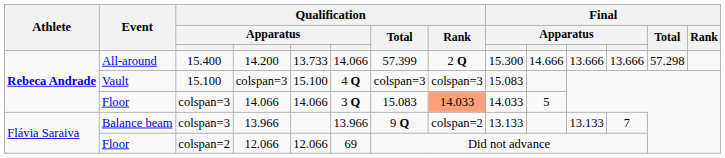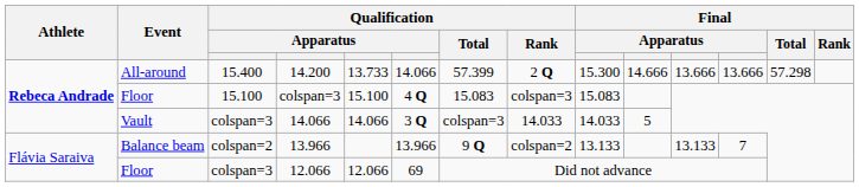 <table class="wikitable" style="font-size:90%">
 <tr>
 <th rowspan=3>Athlete</th>
 <th rowspan=3>Event</th>
 <th colspan=6>Qualification</th>
 <th colspan=6>Final</th>
 </tr>
 <tr style="font-size:95%">
 <th colspan=4>Apparatus</th>
 <th rowspan=2>Total</th>
 <th rowspan=2>Rank</th>
 <th colspan=4>Apparatus</th>
 <th rowspan=2>Total</th>
 <th rowspan=2>Rank</th>
 </tr>
 <tr style="font-size:95%">
 <th></th>
 <th></th>
 <th></th>
 <th></th>
 <th></th>
 <th></th>
 <th></th>
 <th></th>
 </tr>
 <tr align=center>
 <td align=left rowspan=3><strong><a href='#'>Rebeca Andrade</a></strong></td>
 <td align=left><a href='#'>All-around</a></td>
 <td>15.400</td>
 <td>14.200</td>
 <td>13.733</td>
 <td>14.066</td>
 <td>57.399</td>
 <td>2 <strong>Q</strong></td>
 <td>15.300</td>
 <td>14.666</td>
 <td>13.666</td>
 <td>13.666</td>
 <td>57.298</td>
 <td></td>
 </tr>
 <tr align=center>
-<td align=left><a href='#'>Vault</a></td>
+<td align=left><a href='#'>Floor</a></td>
 <td>15.100</td>
 <td>colspan=3 </td>
 <td>15.100</td>
 <td>4 <strong>Q</strong></td>
-<td>colspan=3 </td>
+<td>15.083</td>
 <td>colspan=3 </td>
 <td>15.083</td>
 <td></td>
 </tr>
 <tr align=center>
-<td align=left><a href='#'>Floor</a></td>
+<td align=left><a href='#'>Vault</a></td>
 <td>colspan=3 </td>
 <td>14.066</td>
 <td>14.066</td>
 <td>3 <strong>Q</strong></td>
-<td>15.083</td>
-<td style="background: lightsalmon;">14.033</td>
+<td>colspan=3 </td>
+<td>14.033</td>
 <td>14.033</td>
 <td>5</td>
 </tr>
 <tr align=center>
 <td align=left rowspan=2><a href='#'>Flávia Saraiva</a></td>
 <td align=left><a href='#'>Balance beam</a></td>
-<td>colspan=3 </td>
+<td>colspan=2 </td>
 <td>13.966</td>
 <td></td>
 <td>13.966</td>
 <td>9 <strong>Q</strong></td>
 <td>colspan=2 </td>
 <td>13.133</td>
 <td></td>
 <td>13.133</td>
 <td>7</td>
 </tr>
 <tr align=center>
 <td align=left><a href='#'>Floor</a></td>
-<td>colspan=2 </td>
+<td>colspan=3 </td>
 <td>12.066</td>
 <td>12.066</td>
 <td>69</td>
 <td colspan=6>Did not advance</td>
 </tr>
 </table>
